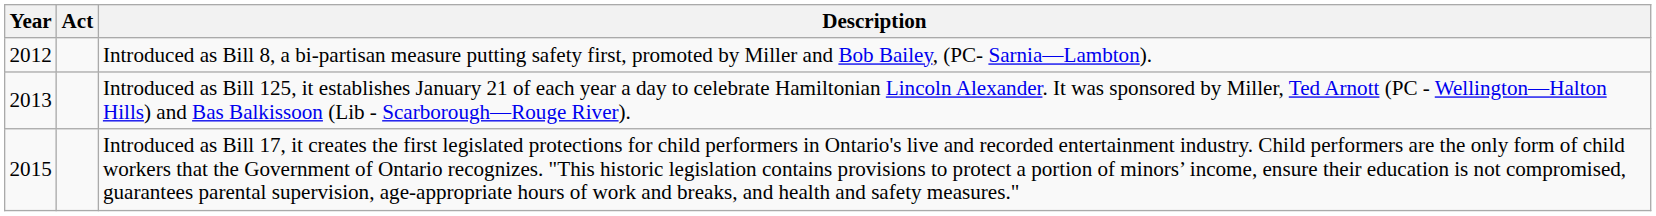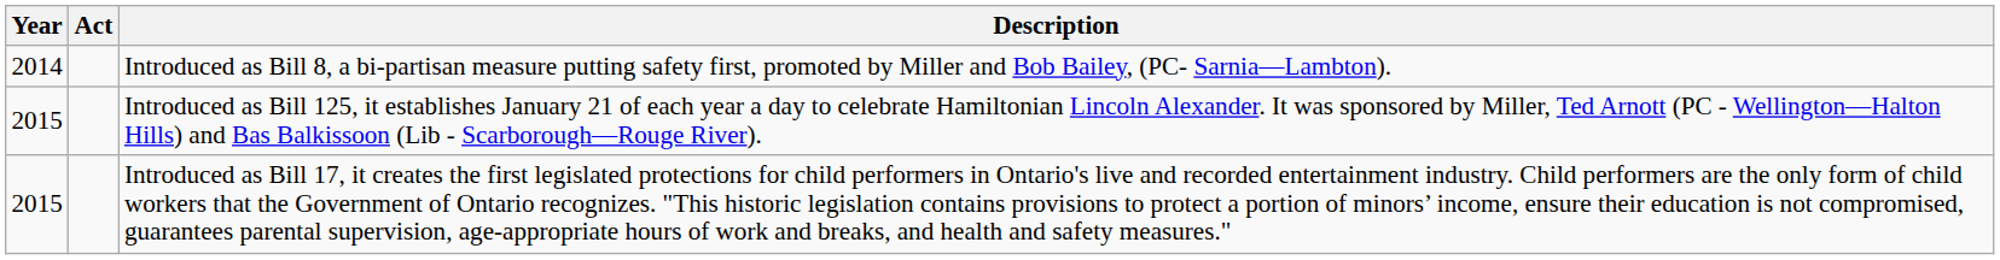 <table class="wikitable">
 <tr>
 <th>Year</th>
 <th>Act</th>
 <th>Description</th>
 </tr>
 <tr>
-<td>2012</td>
+<td>2014</td>
 <td></td>
 <td>Introduced as Bill 8, a bi-partisan measure putting safety first, promoted by Miller and <a href='#'>Bob Bailey</a>, (PC- <a href='#'>Sarnia—Lambton</a>).</td>
 </tr>
 <tr>
-<td>2013</td>
+<td>2015</td>
 <td></td>
 <td>Introduced as Bill 125, it establishes January 21 of each year a day to celebrate Hamiltonian <a href='#'>Lincoln Alexander</a>. It was sponsored by Miller, <a href='#'>Ted Arnott</a> (PC - <a href='#'>Wellington—Halton Hills</a>) and <a href='#'>Bas Balkissoon</a> (Lib - <a href='#'>Scarborough—Rouge River</a>).</td>
 </tr>
 <tr>
 <td>2015</td>
 <td></td>
 <td>Introduced as Bill 17, it creates the first legislated protections for child performers in Ontario's live and recorded entertainment industry. Child performers are the only form of child workers that the Government of Ontario recognizes. "This historic legislation contains provisions to protect a portion of minors’ income, ensure their education is not compromised, guarantees parental supervision, age-appropriate hours of work and breaks, and health and safety measures."</td>
 </tr>
 </table>
